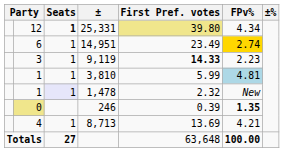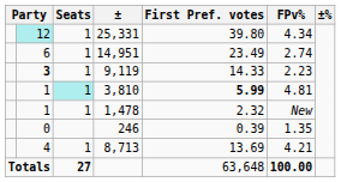 <table class=wikitable>
 <tr>
 <th colspan=2 align=center>Party</th>
 <th valign=top>Seats</th>
 <th valign=top>±</th>
 <th valign=top>First Pref. votes</th>
 <th valign=top>FPv%</th>
 <th valign=top>±%</th>
 </tr>
 <tr>
 <td></td>
-<td align=right>12</td>
-<td align=right><strong> 1</strong></td>
+<td align=right style="background: paleturquoise;">12</td>
+<td align=right> 1</td>
 <td align=right>25,331</td>
-<td align=right style="background: khaki;">39.80</td>
+<td align=right>39.80</td>
 <td align=right>4.34</td>
 </tr>
 <tr>
 <td></td>
 <td align=right>6</td>
 <td align=right> 1</td>
 <td align=right>14,951</td>
 <td align=right>23.49</td>
-<td align=right style="background: gold;">2.74</td>
+<td align=right>2.74</td>
 </tr>
 <tr>
 <td></td>
-<td align=right>3</td>
+<td align=right><strong>3</strong></td>
 <td align=right> 1</td>
 <td align=right>9,119</td>
-<td align=right><strong>14.33</strong></td>
+<td align=right>14.33</td>
 <td align=right>2.23</td>
 </tr>
 <tr>
 <td></td>
 <td align=right>1</td>
-<td align=right> 1</td>
+<td align=right style="background: paleturquoise;"> 1</td>
 <td align=right>3,810</td>
-<td align=right>5.99</td>
-<td align=right style="background: lightblue;">4.81</td>
+<td align=right><strong>5.99</strong></td>
+<td align=right>4.81</td>
 </tr>
 <tr>
 <td></td>
 <td align=right>1</td>
-<td align=right style="background: lavender;"> 1</td>
+<td align=right> 1</td>
 <td align=right>1,478</td>
 <td align=right>2.32</td>
 <td align=right><em>New</em></td>
 </tr>
 <tr>
 <td></td>
-<td align=right style="background: khaki;">0</td>
+<td align=right>0</td>
 <td align=right></td>
 <td align=right>246</td>
 <td align=right>0.39</td>
-<td align=right><strong>1.35</strong></td>
+<td align=right>1.35</td>
 </tr>
 <tr>
 <td></td>
 <td align=right>4</td>
 <td align=right> 1</td>
 <td align=right>8,713</td>
 <td align=right>13.69</td>
 <td align=right>4.21</td>
 </tr>
 <tr>
 <td colspan=2 align=center><strong>Totals</strong></td>
 <td align=right><strong>27</strong></td>
 <td align=center></td>
 <td align=right>63,648</td>
 <td align=center><strong>100.00</strong></td>
 <td align=center></td>
 </tr>
 </table>
